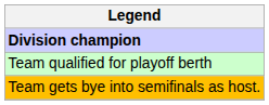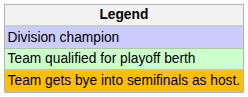 <table class="wikitable">
 <tr>
 <th>Legend</th>
 </tr>
 <tr style="background:#ccf;">
-<td><strong>Division champion</strong></td>
+<td>Division champion</td>
 </tr>
 <tr style="background:#cfc;">
 <td>Team qualified for playoff berth</td>
 </tr>
 <tr style="background:#FFBF00;">
 <td>Team gets bye into semifinals as host.</td>
 </tr>
 <tr>
 </tr>
 </table>
